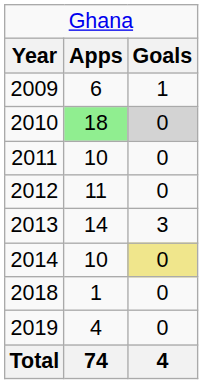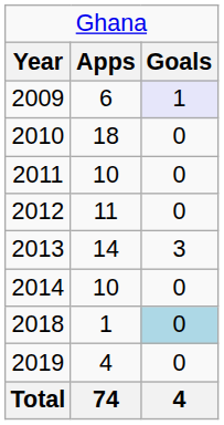 <table class="wikitable" style="text-align:center">
 <tr>
 <td colspan="3"><a href='#'>Ghana</a></td>
 </tr>
 <tr>
 <th>Year</th>
 <th>Apps</th>
 <th>Goals</th>
 </tr>
 <tr>
 <td>2009</td>
 <td>6</td>
-<td>1</td>
+<td style="background: lavender;">1</td>
 </tr>
 <tr>
 <td>2010</td>
-<td style="background: lightgreen;">18</td>
-<td style="background: lightgrey;">0</td>
+<td>18</td>
+<td>0</td>
 </tr>
 <tr>
 <td>2011</td>
 <td>10</td>
 <td>0</td>
 </tr>
 <tr>
 <td>2012</td>
 <td>11</td>
 <td>0</td>
 </tr>
 <tr>
 <td>2013</td>
 <td>14</td>
 <td>3</td>
 </tr>
 <tr>
 <td>2014</td>
 <td>10</td>
-<td style="background: khaki;">0</td>
+<td>0</td>
 </tr>
 <tr>
 <td>2018</td>
 <td>1</td>
-<td>0</td>
+<td style="background: lightblue;">0</td>
 </tr>
 <tr>
 <td>2019</td>
 <td>4</td>
 <td>0</td>
 </tr>
 <tr>
 <th>Total</th>
 <th>74</th>
 <th>4</th>
 </tr>
 </table>
